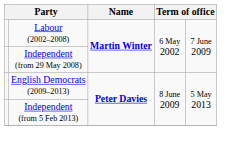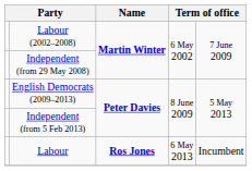 <table class="wikitable" style="text-align:center; white-space: nowrap">
 <tr>
 <th colspan=2>Party</th>
 <th>Name</th>
 <th colspan=2>Term of office</th>
 </tr>
 <tr>
 <td style="background-color: "></td>
 <td><a href='#'>Labour</a><br><small>(2002–2008)</small></td>
 <td rowspan=2><a href='#'><strong>Martin Winter</strong></a></td>
 <td rowspan=2><small>6 May</small><br>2002</td>
 <td rowspan=2><small>7 June</small><br>2009</td>
 </tr>
 <tr>
 <td style="background-color: "></td>
 <td><a href='#'>Independent</a><br><small>(from 29 May 2008)</small></td>
 </tr>
 <tr>
 <td style="background-color: "></td>
 <td><a href='#'>English Democrats</a><br><small>(2009–2013)</small></td>
 <td rowspan=2><a href='#'><strong>Peter Davies</strong></a></td>
 <td rowspan=2><small>8 June</small><br>2009</td>
 <td rowspan=2><small>5 May</small><br>2013</td>
 </tr>
 <tr>
 <td style="background-color: "></td>
 <td><a href='#'>Independent</a><br><small>(from 5 Feb 2013)</small></td>
 </tr>
 <tr>
+<td style="background-color: "></td>
+<td><a href='#'>Labour</a></td>
+<td><strong><a href='#'>Ros Jones</a></strong></td>
+<td><small>6 May</small><br>2013</td>
+<td>Incumbent</td>
+</tr>
+<tr>
 </tr>
 </table>
